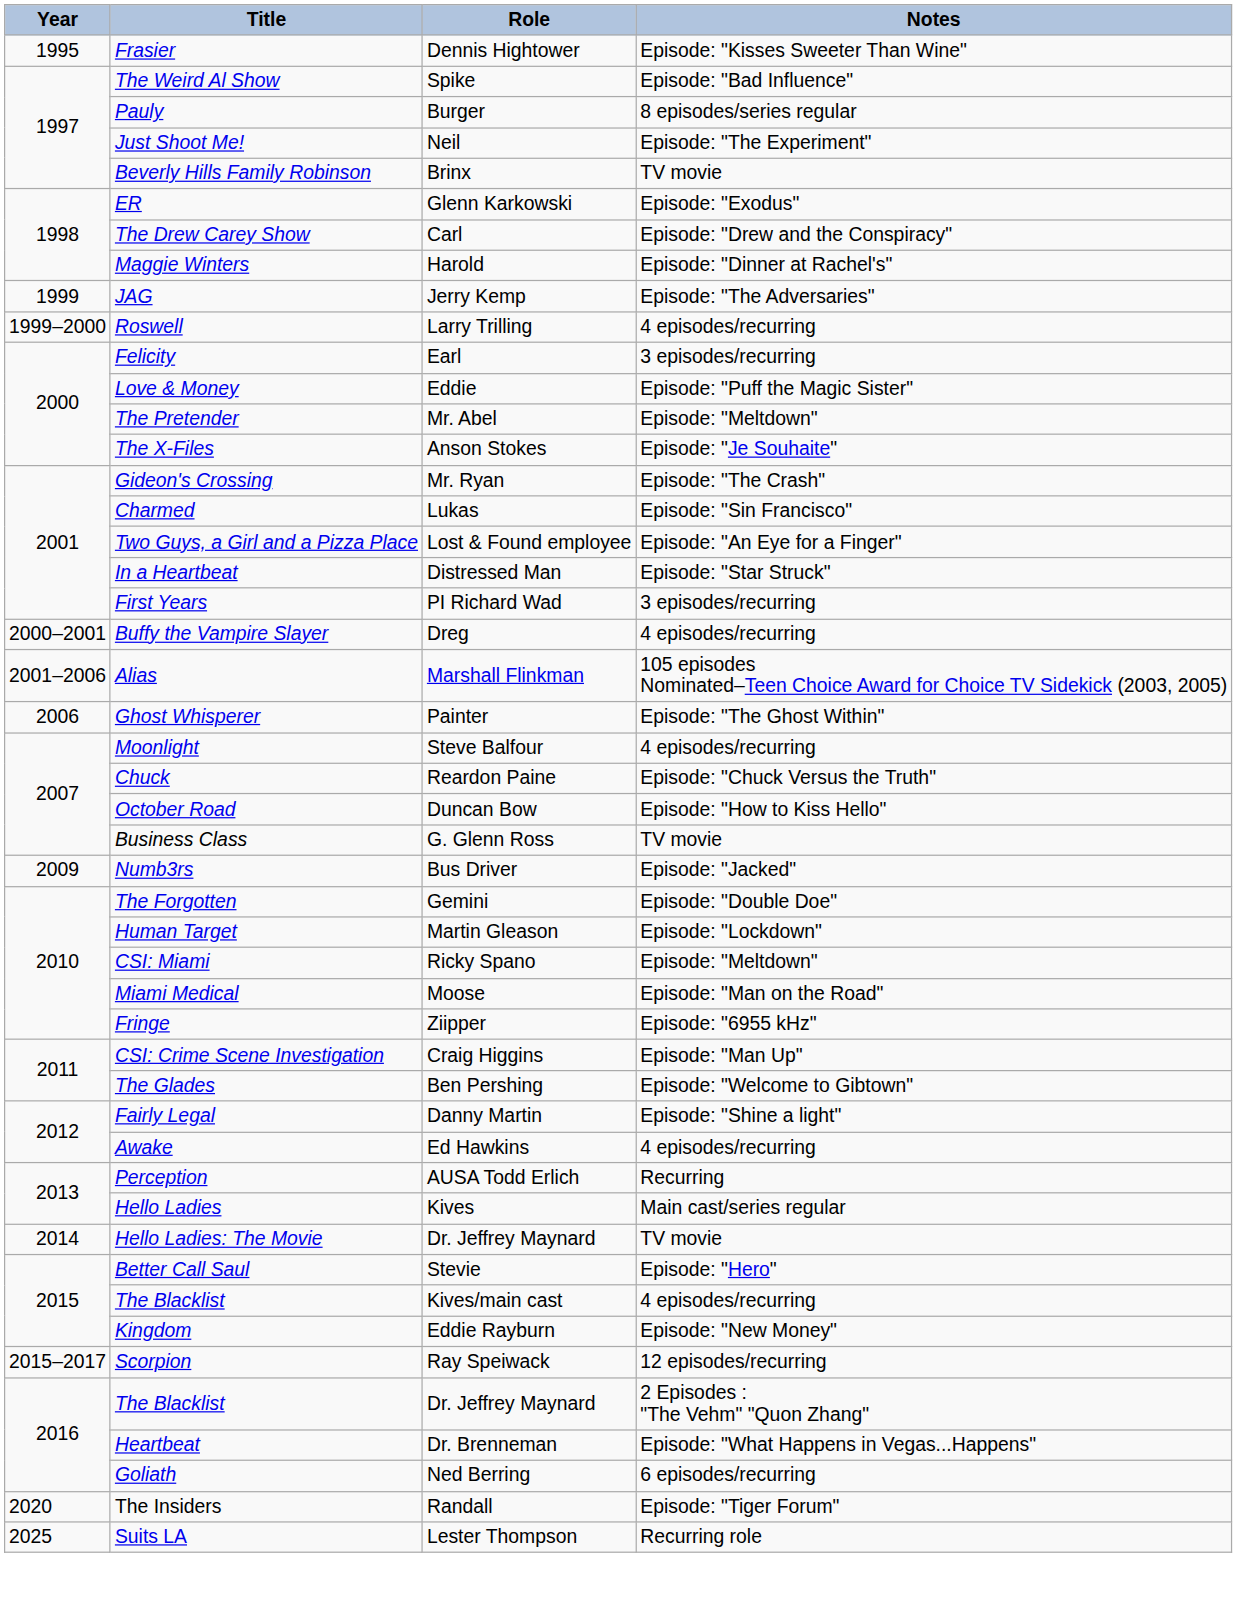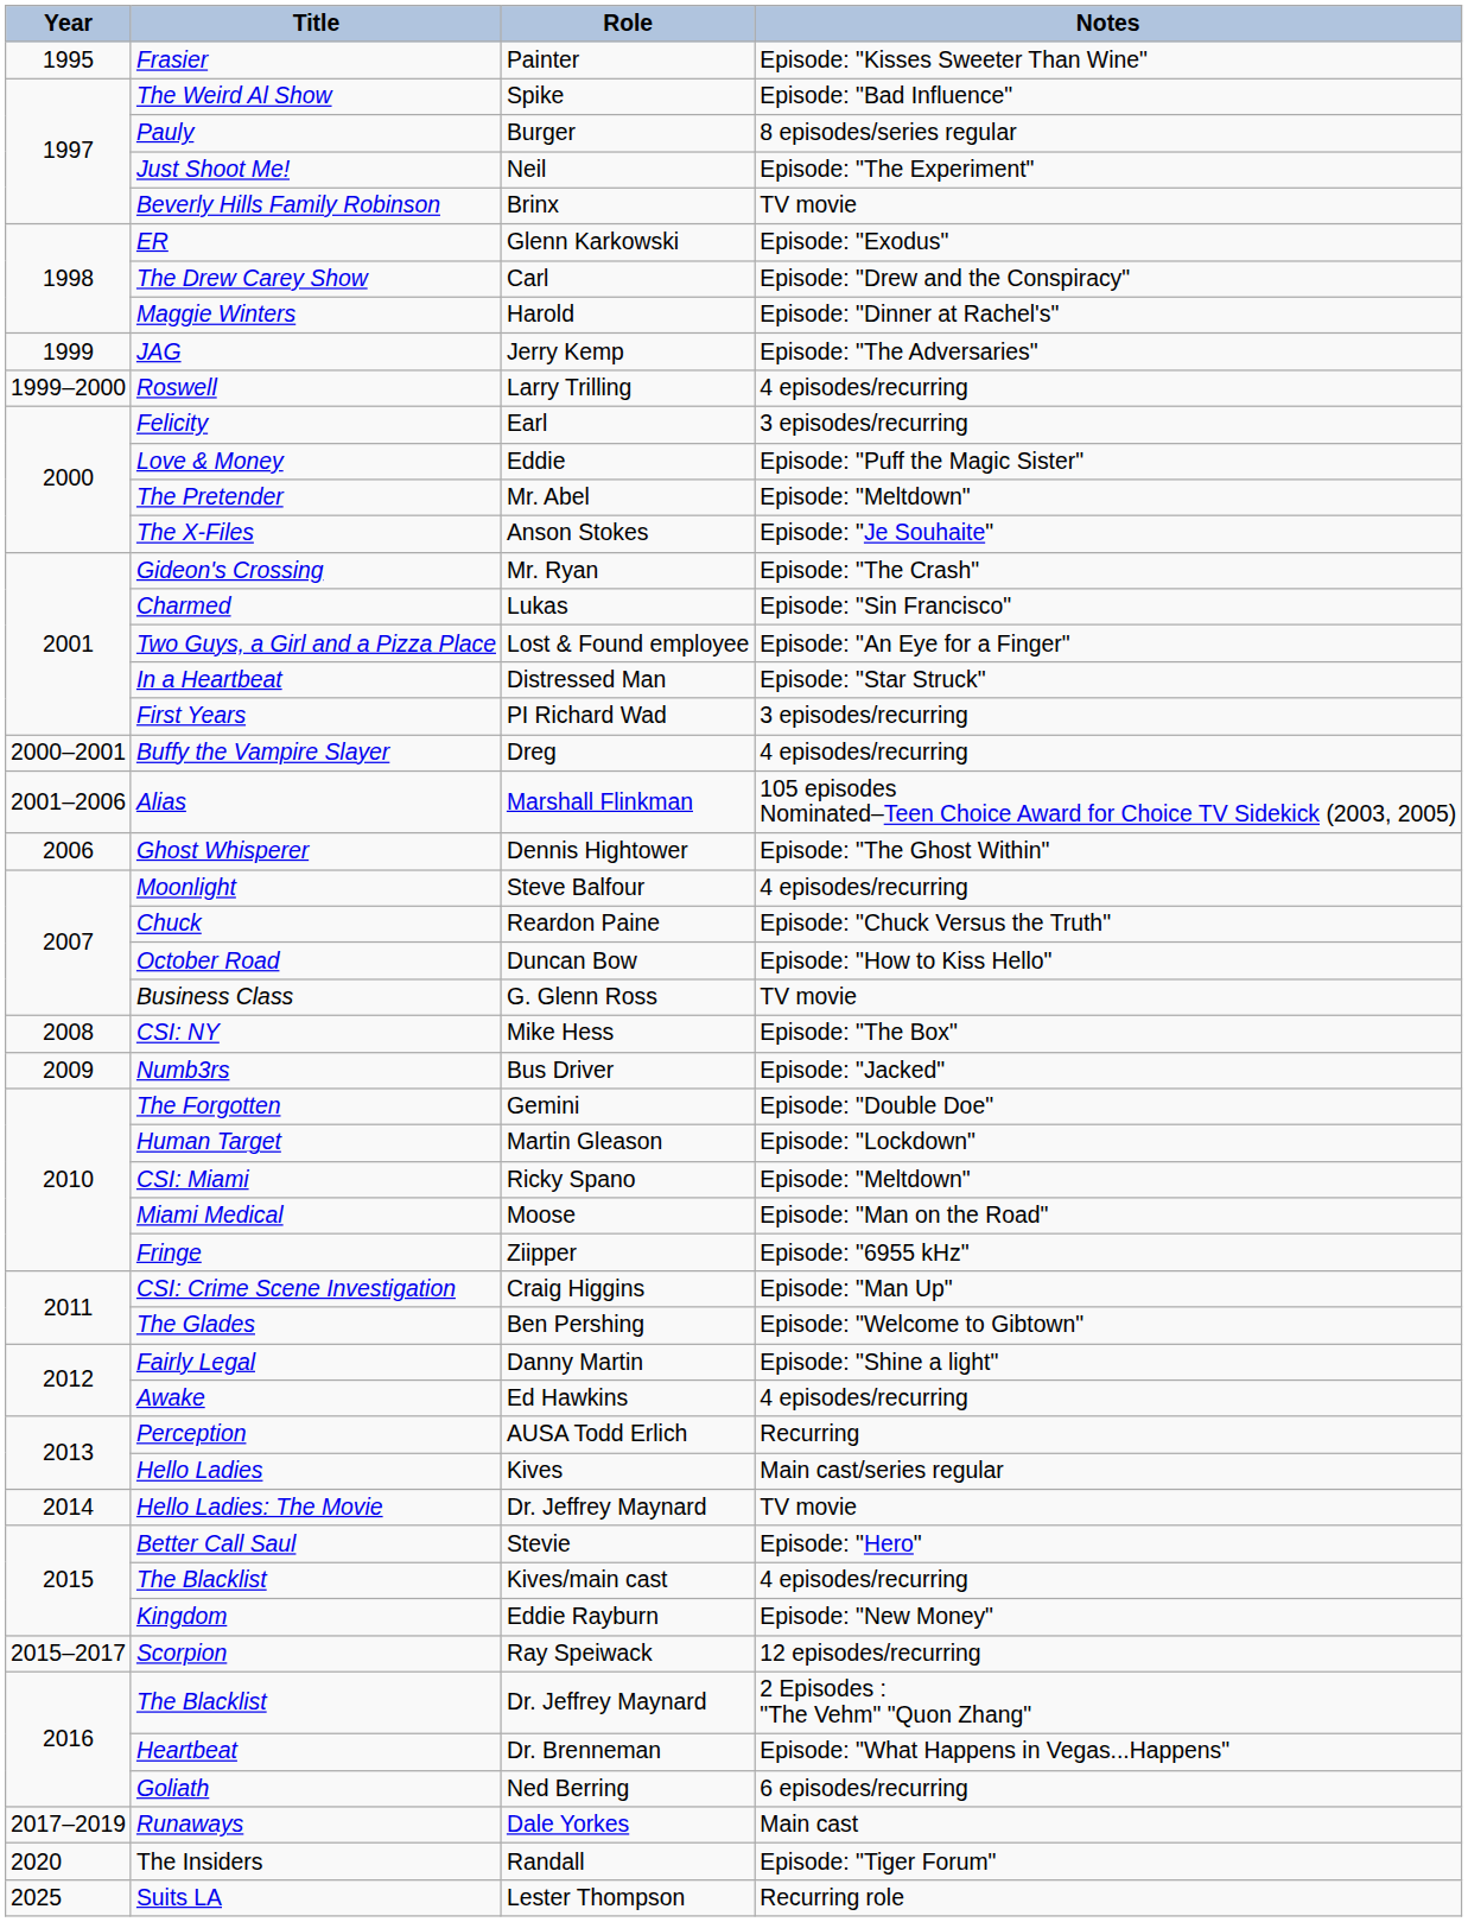 <table class="wikitable">
 <tr>
 <th style="background:#B0C4DE;">Year</th>
 <th style="background:#B0C4DE;">Title</th>
 <th style="background:#B0C4DE;">Role</th>
 <th style="background:#B0C4DE;">Notes</th>
 </tr>
 <tr>
 <td align="center">1995</td>
 <td><em><a href='#'>Frasier</a></em></td>
-<td>Dennis Hightower</td>
+<td>Painter</td>
 <td>Episode: "Kisses Sweeter Than Wine"</td>
 </tr>
 <tr>
 <td align="center" rowspan=4>1997</td>
 <td><em><a href='#'>The Weird Al Show</a></em></td>
 <td>Spike</td>
 <td>Episode: "Bad Influence"</td>
 </tr>
 <tr>
 <td><em><a href='#'>Pauly</a></em></td>
 <td>Burger</td>
 <td>8 episodes/series regular</td>
 </tr>
 <tr>
 <td><em><a href='#'>Just Shoot Me!</a></em></td>
 <td>Neil</td>
 <td>Episode: "The Experiment"</td>
 </tr>
 <tr>
 <td><em><a href='#'>Beverly Hills Family Robinson</a></em></td>
 <td>Brinx</td>
 <td>TV movie</td>
 </tr>
 <tr>
 <td align="center" rowspan=3>1998</td>
 <td><em><a href='#'>ER</a></em></td>
 <td>Glenn Karkowski</td>
 <td>Episode: "Exodus"</td>
 </tr>
 <tr>
 <td><em><a href='#'>The Drew Carey Show</a></em></td>
 <td>Carl</td>
 <td>Episode: "Drew and the Conspiracy"</td>
 </tr>
 <tr>
 <td><em><a href='#'>Maggie Winters</a></em></td>
 <td>Harold</td>
 <td>Episode: "Dinner at Rachel's"</td>
 </tr>
 <tr>
 <td align="center">1999</td>
 <td><em><a href='#'>JAG</a></em></td>
 <td>Jerry Kemp</td>
 <td>Episode: "The Adversaries"</td>
 </tr>
 <tr>
 <td align="center">1999–2000</td>
 <td><em><a href='#'>Roswell</a></em></td>
 <td>Larry Trilling</td>
 <td>4 episodes/recurring</td>
 </tr>
 <tr>
 <td align="center" rowspan=4>2000</td>
 <td><em><a href='#'>Felicity</a></em></td>
 <td>Earl</td>
 <td>3 episodes/recurring</td>
 </tr>
 <tr>
 <td><em><a href='#'>Love & Money</a></em></td>
 <td>Eddie</td>
 <td>Episode: "Puff the Magic Sister"</td>
 </tr>
 <tr>
 <td><em><a href='#'>The Pretender</a></em></td>
 <td>Mr. Abel</td>
 <td>Episode: "Meltdown"</td>
 </tr>
 <tr>
 <td><em><a href='#'>The X-Files</a></em></td>
 <td>Anson Stokes</td>
 <td>Episode: "<a href='#'>Je Souhaite</a>"</td>
 </tr>
 <tr>
 <td align="center" rowspan=5>2001</td>
 <td><em><a href='#'>Gideon's Crossing</a></em></td>
 <td>Mr. Ryan</td>
 <td>Episode: "The Crash"</td>
 </tr>
 <tr>
 <td><em><a href='#'>Charmed</a></em></td>
 <td>Lukas</td>
 <td>Episode: "Sin Francisco"</td>
 </tr>
 <tr>
 <td><em><a href='#'>Two Guys, a Girl and a Pizza Place</a></em></td>
 <td>Lost & Found employee</td>
 <td>Episode: "An Eye for a Finger"</td>
 </tr>
 <tr>
 <td><em><a href='#'>In a Heartbeat</a></em></td>
 <td>Distressed Man</td>
 <td>Episode: "Star Struck"</td>
 </tr>
 <tr>
 <td><em><a href='#'>First Years</a></em></td>
 <td>PI Richard Wad</td>
 <td>3 episodes/recurring</td>
 </tr>
 <tr>
 <td align="center">2000–2001</td>
 <td><em><a href='#'>Buffy the Vampire Slayer</a></em></td>
 <td>Dreg</td>
 <td>4 episodes/recurring</td>
 </tr>
 <tr>
 <td align="center">2001–2006</td>
 <td><em><a href='#'>Alias</a></em></td>
 <td><a href='#'>Marshall Flinkman</a></td>
 <td>105 episodes<br>Nominated–<a href='#'>Teen Choice Award for Choice TV Sidekick</a> (2003, 2005)</td>
 </tr>
 <tr>
 <td align="center">2006</td>
 <td><em><a href='#'>Ghost Whisperer</a></em></td>
-<td>Painter</td>
+<td>Dennis Hightower</td>
 <td>Episode: "The Ghost Within"</td>
 </tr>
 <tr>
 <td align="center" rowspan=4>2007</td>
 <td><em><a href='#'>Moonlight</a></em></td>
 <td>Steve Balfour</td>
 <td>4 episodes/recurring</td>
 </tr>
 <tr>
 <td><em><a href='#'>Chuck</a></em></td>
 <td>Reardon Paine</td>
 <td>Episode: "Chuck Versus the Truth"</td>
 </tr>
 <tr>
 <td><em><a href='#'>October Road</a></em></td>
 <td>Duncan Bow</td>
 <td>Episode: "How to Kiss Hello"</td>
 </tr>
 <tr>
 <td><em>Business Class</em></td>
 <td>G. Glenn Ross</td>
 <td>TV movie</td>
+</tr>
+<tr>
+<td align="center">2008</td>
+<td><em><a href='#'>CSI: NY</a></em></td>
+<td>Mike Hess</td>
+<td>Episode: "The Box"</td>
 </tr>
 <tr>
 <td align="center">2009</td>
 <td><em><a href='#'>Numb3rs</a></em></td>
 <td>Bus Driver</td>
 <td>Episode: "Jacked"</td>
 </tr>
 <tr>
 <td align="center" rowspan=5>2010</td>
 <td><em><a href='#'>The Forgotten</a></em></td>
 <td>Gemini</td>
 <td>Episode: "Double Doe"</td>
 </tr>
 <tr>
 <td><em><a href='#'>Human Target</a></em></td>
 <td>Martin Gleason</td>
 <td>Episode: "Lockdown"</td>
 </tr>
 <tr>
 <td><em><a href='#'>CSI: Miami</a></em></td>
 <td>Ricky Spano</td>
 <td>Episode: "Meltdown"</td>
 </tr>
 <tr>
 <td><em><a href='#'>Miami Medical</a></em></td>
 <td>Moose</td>
 <td>Episode: "Man on the Road"</td>
 </tr>
 <tr>
 <td><em><a href='#'>Fringe</a></em></td>
 <td>Ziipper</td>
 <td>Episode: "6955 kHz"</td>
 </tr>
 <tr>
 <td align="center" rowspan=2>2011</td>
 <td><em><a href='#'>CSI: Crime Scene Investigation</a></em></td>
 <td>Craig Higgins</td>
 <td>Episode: "Man Up"</td>
 </tr>
 <tr>
 <td><em><a href='#'>The Glades</a></em></td>
 <td>Ben Pershing</td>
 <td>Episode: "Welcome to Gibtown"</td>
 </tr>
 <tr>
 <td align="center" rowspan=2>2012</td>
 <td><em><a href='#'>Fairly Legal</a></em></td>
 <td>Danny Martin</td>
 <td>Episode: "Shine a light"</td>
 </tr>
 <tr>
 <td><em><a href='#'>Awake</a></em></td>
 <td>Ed Hawkins</td>
 <td>4 episodes/recurring</td>
 </tr>
 <tr>
 <td align="center" rowspan=2>2013</td>
 <td><em><a href='#'>Perception</a></em></td>
 <td>AUSA Todd Erlich</td>
 <td>Recurring</td>
 </tr>
 <tr>
 <td><em><a href='#'>Hello Ladies</a></em></td>
 <td>Kives</td>
 <td>Main cast/series regular</td>
 </tr>
 <tr>
 <td align="center">2014</td>
 <td><em><a href='#'>Hello Ladies: The Movie</a></em></td>
 <td>Dr. Jeffrey Maynard</td>
 <td>TV movie</td>
 </tr>
 <tr>
 <td align="center" rowspan=3>2015</td>
 <td><em><a href='#'>Better Call Saul</a></em></td>
 <td>Stevie</td>
 <td>Episode: "<a href='#'>Hero</a>"</td>
 </tr>
 <tr>
 <td><em><a href='#'>The Blacklist</a></em></td>
 <td>Kives/main cast</td>
 <td>4 episodes/recurring</td>
 </tr>
 <tr>
 <td><em><a href='#'>Kingdom</a></em></td>
 <td>Eddie Rayburn</td>
 <td>Episode: "New Money"</td>
 </tr>
 <tr>
 <td align="center">2015–2017</td>
 <td><em><a href='#'>Scorpion</a></em></td>
 <td>Ray Speiwack</td>
 <td>12 episodes/recurring</td>
 </tr>
 <tr>
 <td align="center" rowspan=3>2016</td>
 <td><em><a href='#'>The Blacklist</a></em></td>
 <td>Dr. Jeffrey Maynard</td>
 <td>2 Episodes :<br>"The Vehm" "Quon Zhang"</td>
 </tr>
 <tr>
 <td><em><a href='#'>Heartbeat</a></em></td>
 <td>Dr. Brenneman</td>
 <td>Episode: "What Happens in Vegas...Happens"</td>
 </tr>
 <tr>
 <td><em><a href='#'>Goliath</a></em></td>
 <td>Ned Berring</td>
 <td>6 episodes/recurring</td>
 </tr>
 <tr>
+<td align="center">2017–2019</td>
+<td><em><a href='#'>Runaways</a></em></td>
+<td><a href='#'>Dale Yorkes</a></td>
+<td>Main cast</td>
+</tr>
+<tr>
 <td>2020</td>
 <td>The Insiders</td>
 <td>Randall</td>
 <td>Episode: "Tiger Forum"</td>
 </tr>
 <tr>
 <td>2025</td>
 <td><a href='#'>Suits LA</a></td>
 <td>Lester Thompson</td>
 <td>Recurring role</td>
 </tr>
 </table>
